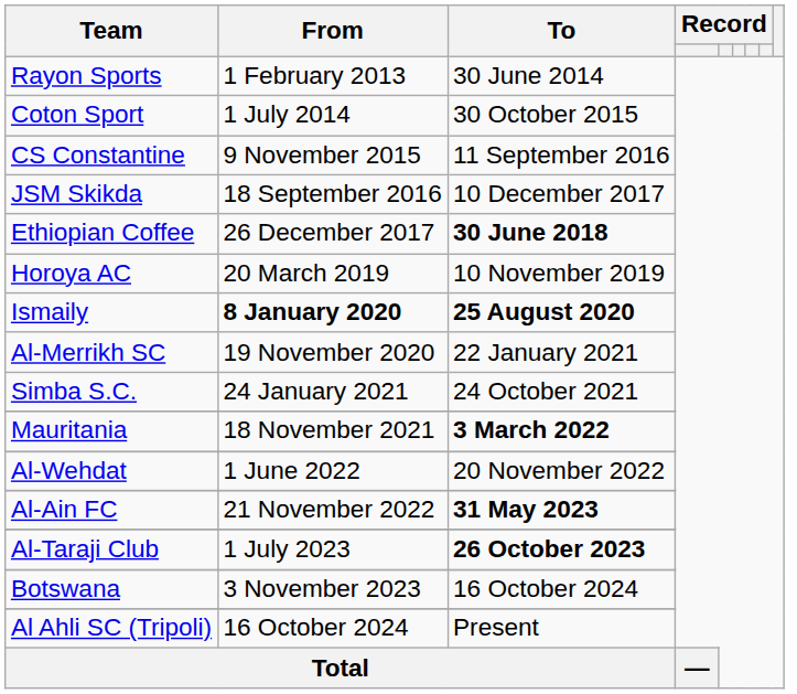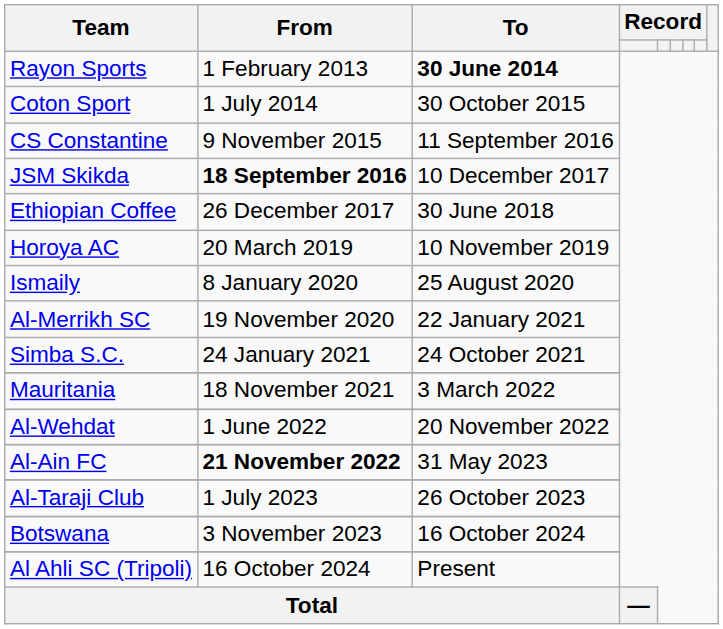 <table class=wikitable style=text-align:center>
 <tr>
 <th rowspan=2>Team</th>
 <th rowspan=2>From</th>
 <th rowspan=2>To</th>
 <th colspan=5>Record</th>
 <th rowspan=2></th>
 </tr>
 <tr>
 <th></th>
 <th></th>
 <th></th>
 <th></th>
 <th></th>
 </tr>
 <tr>
 <td align=left><a href='#'>Rayon Sports</a></td>
 <td align=left>1 February 2013</td>
-<td align=left>30 June 2014<br></td>
+<td align=left><strong>30 June 2014<br></strong></td>
 </tr>
 <tr>
 <td align=left><a href='#'>Coton Sport</a></td>
 <td align=left>1 July 2014</td>
 <td align=left>30 October 2015<br></td>
 </tr>
 <tr>
 <td align=left><a href='#'>CS Constantine</a></td>
 <td align=left>9 November 2015</td>
 <td align=left>11 September 2016<br></td>
 </tr>
 <tr>
 <td align=left><a href='#'>JSM Skikda</a></td>
-<td align=left>18 September 2016</td>
+<td align=left><strong>18 September 2016</strong></td>
 <td align=left>10 December 2017<br></td>
 </tr>
 <tr>
 <td align=left><a href='#'>Ethiopian Coffee</a></td>
 <td align=left>26 December 2017</td>
-<td align=left><strong>30 June 2018<br></strong></td>
+<td align=left>30 June 2018<br></td>
 </tr>
 <tr>
 <td align=left><a href='#'>Horoya AC</a></td>
 <td align=left>20 March 2019</td>
 <td align=left>10 November 2019<br></td>
 </tr>
 <tr>
 <td align=left><a href='#'>Ismaily</a></td>
-<td align=left><strong>8 January 2020</strong></td>
-<td align=left><strong>25 August 2020<br></strong></td>
+<td align=left>8 January 2020</td>
+<td align=left>25 August 2020<br></td>
 </tr>
 <tr>
 <td align=left><a href='#'>Al-Merrikh SC</a></td>
 <td align=left>19 November 2020</td>
 <td align=left>22 January 2021<br></td>
 </tr>
 <tr>
 <td align=left><a href='#'>Simba S.C.</a></td>
 <td align=left>24 January 2021</td>
 <td align=left>24 October 2021<br></td>
 </tr>
 <tr>
 </tr>
 <tr>
 <td align=left><a href='#'>Mauritania</a></td>
 <td align=left>18 November 2021</td>
-<td align=left><strong>3 March 2022<br></strong></td>
+<td align=left>3 March 2022<br></td>
 </tr>
 <tr>
 </tr>
 <tr>
 <td align=left><a href='#'>Al-Wehdat</a></td>
 <td align=left>1 June 2022</td>
 <td align=left>20 November 2022<br></td>
 </tr>
 <tr>
 </tr>
 <tr>
 <td align=left><a href='#'>Al-Ain FC</a></td>
-<td align=left>21 November 2022</td>
-<td align=left><strong>31 May 2023<br></strong></td>
+<td align=left><strong>21 November 2022</strong></td>
+<td align=left>31 May 2023<br></td>
 </tr>
 <tr>
 </tr>
 <tr>
 <td align=left><a href='#'>Al-Taraji Club</a></td>
 <td align=left>1 July 2023</td>
-<td align=left><strong>26 October 2023<br></strong></td>
+<td align=left>26 October 2023<br></td>
 </tr>
 <tr>
 </tr>
 <tr>
 <td align=left><a href='#'>Botswana</a></td>
 <td align=left>3 November 2023</td>
 <td align=left>16 October 2024<br></td>
 </tr>
 <tr>
 </tr>
 <tr>
 <td align=left><a href='#'>Al Ahli SC (Tripoli)</a></td>
 <td align=left>16 October 2024</td>
 <td align=left>Present<br></td>
 </tr>
 <tr>
 <th colspan=3>Total<br></th>
 <th>—</th>
 </tr>
 </table>
